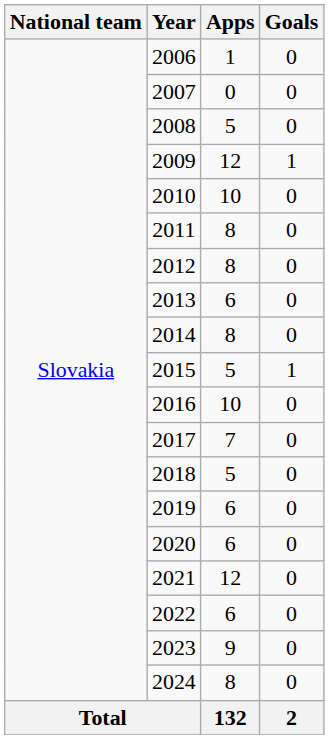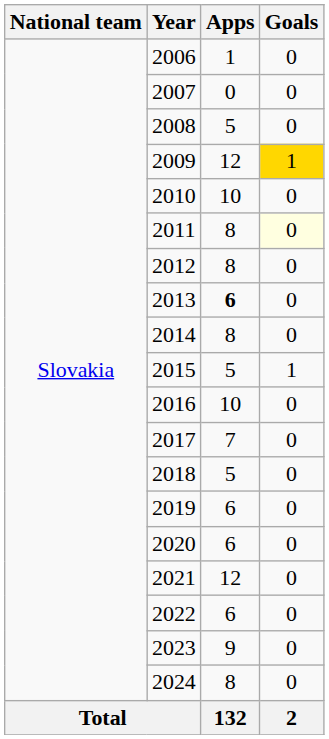 <table class="wikitable" style="text-align:center">
 <tr>
 <th>National team</th>
 <th>Year</th>
 <th>Apps</th>
 <th>Goals</th>
 </tr>
 <tr>
 <td rowspan="19"><a href='#'>Slovakia</a></td>
 <td>2006</td>
 <td>1</td>
 <td>0</td>
 </tr>
 <tr>
 <td>2007</td>
 <td>0</td>
 <td>0</td>
 </tr>
 <tr>
 <td>2008</td>
 <td>5</td>
 <td>0</td>
 </tr>
 <tr>
 <td>2009</td>
 <td>12</td>
-<td>1</td>
+<td style="background: gold;">1</td>
 </tr>
 <tr>
 <td>2010</td>
 <td>10</td>
 <td>0</td>
 </tr>
 <tr>
 <td>2011</td>
 <td>8</td>
-<td>0</td>
+<td style="background: lightyellow;">0</td>
 </tr>
 <tr>
 <td>2012</td>
 <td>8</td>
 <td>0</td>
 </tr>
 <tr>
 <td>2013</td>
-<td>6</td>
+<td><strong>6</strong></td>
 <td>0</td>
 </tr>
 <tr>
 <td>2014</td>
 <td>8</td>
 <td>0</td>
 </tr>
 <tr>
 <td>2015</td>
 <td>5</td>
 <td>1</td>
 </tr>
 <tr>
 <td>2016</td>
 <td>10</td>
 <td>0</td>
 </tr>
 <tr>
 <td>2017</td>
 <td>7</td>
 <td>0</td>
 </tr>
 <tr>
 <td>2018</td>
 <td>5</td>
 <td>0</td>
 </tr>
 <tr>
 <td>2019</td>
 <td>6</td>
 <td>0</td>
 </tr>
 <tr>
 <td>2020</td>
 <td>6</td>
 <td>0</td>
 </tr>
 <tr>
 <td>2021</td>
 <td>12</td>
 <td>0</td>
 </tr>
 <tr>
 <td>2022</td>
 <td>6</td>
 <td>0</td>
 </tr>
 <tr>
 <td>2023</td>
 <td>9</td>
 <td>0</td>
 </tr>
 <tr>
 <td>2024</td>
 <td>8</td>
 <td>0</td>
 </tr>
 <tr>
 <th colspan="2">Total</th>
 <th>132</th>
 <th>2</th>
 </tr>
 </table>
